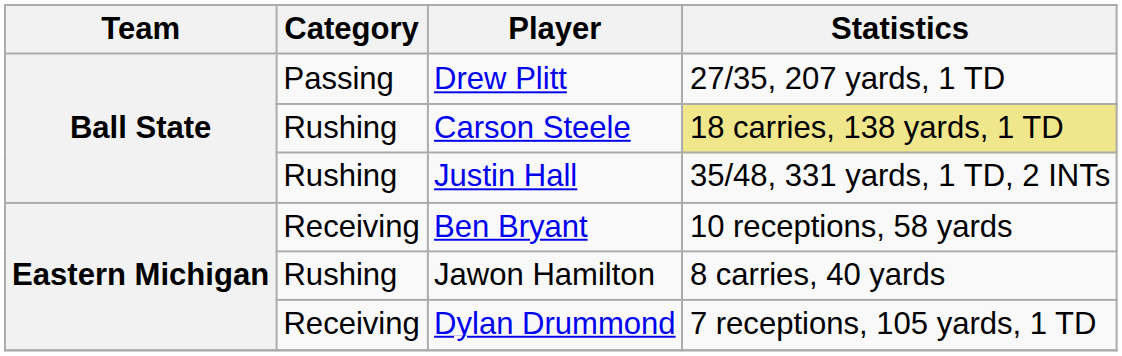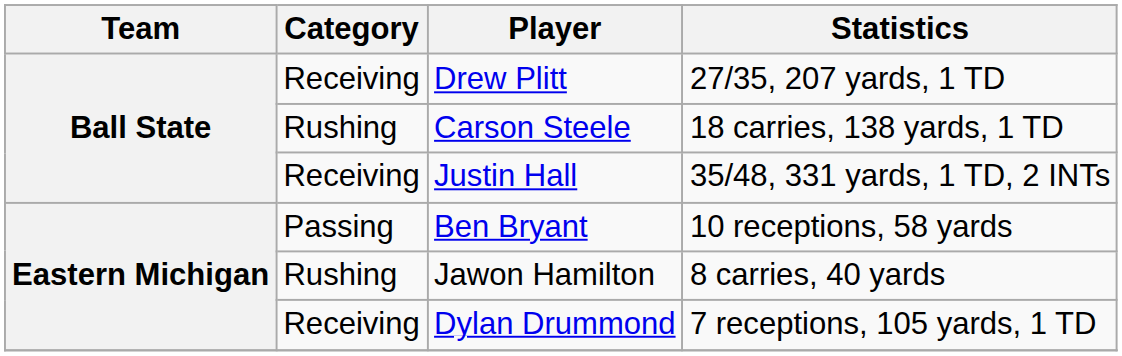 <table class="wikitable" style="float: left;">
 <tr>
 <th>Team</th>
 <th>Category</th>
 <th>Player</th>
 <th>Statistics</th>
 </tr>
 <tr>
 <th rowspan=3>Ball State</th>
-<td>Passing</td>
+<td>Receiving</td>
 <td><a href='#'>Drew Plitt</a></td>
 <td>27/35, 207 yards, 1 TD</td>
 </tr>
 <tr>
 <td>Rushing</td>
 <td><a href='#'>Carson Steele</a></td>
-<td style="background: khaki;">18 carries, 138 yards, 1 TD</td>
+<td>18 carries, 138 yards, 1 TD</td>
 </tr>
 <tr>
-<td>Rushing</td>
+<td>Receiving</td>
 <td><a href='#'>Justin Hall</a></td>
 <td>35/48, 331 yards, 1 TD, 2 INTs</td>
 </tr>
 <tr>
 <th rowspan=3 style=>Eastern Michigan</th>
-<td>Receiving</td>
+<td>Passing</td>
 <td><a href='#'>Ben Bryant</a></td>
 <td>10 receptions, 58 yards</td>
 </tr>
 <tr>
 <td>Rushing</td>
 <td>Jawon Hamilton</td>
 <td>8 carries, 40 yards</td>
 </tr>
 <tr>
 <td>Receiving</td>
 <td><a href='#'>Dylan Drummond</a></td>
 <td>7 receptions, 105 yards, 1 TD</td>
 </tr>
 <tr>
 </tr>
 </table>
